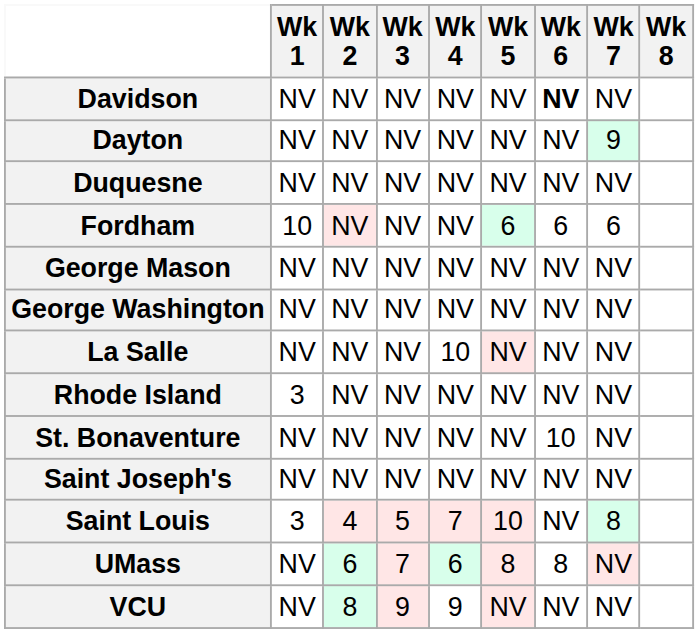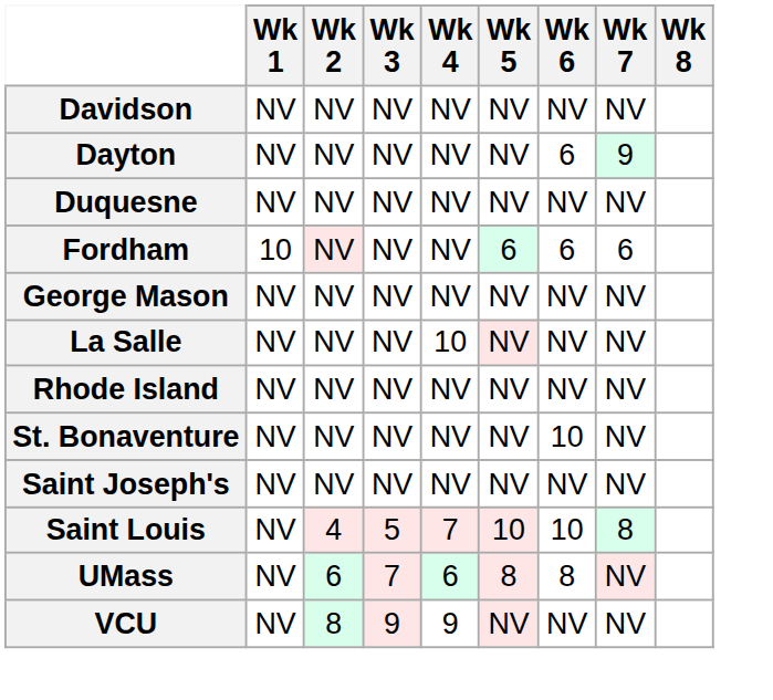 <table class="wikitable" style="white-space:nowrap;font-size:90%;text-align:center;">
 <tr>
 <th style="background:white; border-top-style:hidden; border-left-style:hidden;"> </th>
 <th>Wk<br> 1</th>
 <th>Wk<br>2</th>
 <th>Wk<br>3</th>
 <th>Wk<br>4</th>
 <th>Wk<br>5</th>
 <th>Wk<br>6</th>
 <th>Wk<br>7</th>
 <th>Wk<br>8</th>
 </tr>
 <tr>
 <th>Davidson</th>
 <td style="background:#FFF;">NV</td>
 <td style="background:#FFF;">NV</td>
 <td style="background:#FFF;">NV</td>
 <td style="background:#FFF;">NV</td>
 <td style="background:#FFF;">NV</td>
-<td style="background:#FFF;"><strong>NV</strong></td>
+<td style="background:#FFF;">NV</td>
 <td style="background:#FFF;">NV</td>
 <td style="background:#FFF;"></td>
 </tr>
 <tr>
 <th>Dayton</th>
 <td style="background:#FFF;">NV</td>
 <td style="background:#FFF;">NV</td>
 <td style="background:#FFF;">NV</td>
 <td style="background:#FFF;">NV</td>
 <td style="background:#FFF;">NV</td>
-<td style="background:#FFF;">NV</td>
+<td style="background:#FFF;">6</td>
 <td style="background:#d8ffeb;">9</td>
 <td style="background:#FFF;"></td>
 </tr>
 <tr>
 <th>Duquesne</th>
 <td style="background:#FFF;">NV</td>
 <td style="background:#FFF;">NV</td>
 <td style="background:#FFF;">NV</td>
 <td style="background:#FFF;">NV</td>
 <td style="background:#FFF;">NV</td>
 <td style="background:#FFF;">NV</td>
 <td style="background:#FFF;">NV</td>
 <td style="background:#FFF;"></td>
 </tr>
 <tr>
 <th>Fordham</th>
 <td style="background:#FFF;">10</td>
 <td style="background:#ffe6e6;">NV</td>
 <td style="background:#FFF;">NV</td>
 <td style="background:#FFF;">NV</td>
 <td style="background:#d8ffeb;">6</td>
 <td style="background:#FFF;">6</td>
 <td style="background:#FFF;">6</td>
 <td style="background:#FFF;"></td>
 </tr>
 <tr>
 <th>George Mason</th>
 <td style="background:#FFF;">NV</td>
 <td style="background:#FFF;">NV</td>
 <td style="background:#FFF;">NV</td>
 <td style="background:#FFF;">NV</td>
 <td style="background:#FFF;">NV</td>
 <td style="background:#FFF;">NV</td>
 <td style="background:#FFF;">NV</td>
 <td style="background:#FFF;"></td>
 </tr>
 <tr>
-<th>George Washington</th>
-<td style="background:#FFF;">NV</td>
-<td style="background:#FFF;">NV</td>
-<td style="background:#FFF;">NV</td>
-<td style="background:#FFF;">NV</td>
-<td style="background:#FFF;">NV</td>
-<td style="background:#FFF;">NV</td>
-<td style="background:#FFF;">NV</td>
-<td style="background:#FFF;"></td>
-</tr>
-<tr>
 <th>La Salle</th>
 <td style="background:#FFF;">NV</td>
 <td style="background:#FFF;">NV</td>
 <td style="background:#FFF;">NV</td>
 <td style="background:#FFF;">10</td>
 <td style="background:#ffe6e6;">NV</td>
 <td style="background:#FFF;">NV</td>
 <td style="background:#FFF;">NV</td>
 <td style="background:#FFF;"></td>
 </tr>
 <tr>
 <th>Rhode Island</th>
-<td style="background:#FFF;">3</td>
+<td style="background:#FFF;">NV</td>
 <td style="background:#FFF;">NV</td>
 <td style="background:#FFF;">NV</td>
 <td style="background:#FFF;">NV</td>
 <td style="background:#FFF;">NV</td>
 <td style="background:#FFF;">NV</td>
 <td style="background:#FFF;">NV</td>
 <td style="background:#FFF;"></td>
 </tr>
 <tr>
 <th>St. Bonaventure</th>
 <td style="background:#FFF;">NV</td>
 <td style="background:#FFF;">NV</td>
 <td style="background:#FFF;">NV</td>
 <td style="background:#FFF;">NV</td>
 <td style="background:#FFF;">NV</td>
 <td style="background:#FFF;">10</td>
 <td style="background:#FFF;">NV</td>
 <td style="background:#FFF;"></td>
 </tr>
 <tr>
 <th>Saint Joseph's</th>
 <td style="background:#FFF;">NV</td>
 <td style="background:#FFF;">NV</td>
 <td style="background:#FFF;">NV</td>
 <td style="background:#FFF;">NV</td>
 <td style="background:#FFF;">NV</td>
 <td style="background:#FFF;">NV</td>
 <td style="background:#FFF;">NV</td>
 <td style="background:#FFF;"></td>
 </tr>
 <tr>
 <th>Saint Louis</th>
-<td style="background:#FFF;">3</td>
+<td style="background:#FFF;">NV</td>
 <td style="background:#ffe6e6;">4</td>
 <td style="background:#ffe6e6;">5</td>
 <td style="background:#ffe6e6;">7</td>
 <td style="background:#ffe6e6;">10</td>
-<td style="background:#FFF;">NV</td>
+<td style="background:#FFF;">10</td>
 <td style="background:#d8ffeb;">8</td>
 <td style="background:#FFF;"></td>
 </tr>
 <tr>
 <th>UMass</th>
 <td style="background:#FFF;">NV</td>
 <td style="background:#d8ffeb;">6</td>
 <td style="background:#ffe6e6;">7</td>
 <td style="background:#d8ffeb;">6</td>
 <td style="background:#ffe6e6;">8</td>
 <td style="background:#FFF;">8</td>
 <td style="background:#ffe6e6;">NV</td>
 <td style="background:#FFF;"></td>
 </tr>
 <tr>
 <th>VCU</th>
 <td style="background:#FFF;">NV</td>
 <td style="background:#d8ffeb;">8</td>
 <td style="background:#ffe6e6;">9</td>
 <td style="background:#FFF;">9</td>
 <td style="background:#ffe6e6;">NV</td>
 <td style="background:#FFF;">NV</td>
 <td style="background:#FFF;">NV</td>
 <td style="background:#FFF;"></td>
 </tr>
 </table>
